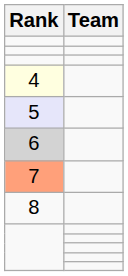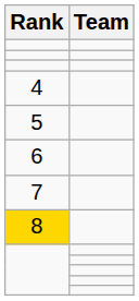 <table class=wikitable style="text-align:center">
 <tr>
 <th>Rank</th>
 <th>Team</th>
 </tr>
 <tr>
 <td></td>
 <td align=left></td>
 </tr>
 <tr>
 <td></td>
 <td align=left></td>
 </tr>
 <tr>
 <td></td>
 <td align=left></td>
 </tr>
 <tr>
-<td style="background: lightyellow;">4</td>
+<td>4</td>
 <td align=left></td>
 </tr>
 <tr>
-<td style="background: lavender;">5</td>
+<td>5</td>
 <td align=left></td>
 </tr>
 <tr>
-<td style="background: lightgrey;">6</td>
+<td>6</td>
 <td align=left></td>
 </tr>
 <tr>
-<td style="background: lightsalmon;">7</td>
+<td>7</td>
 <td align=left></td>
 </tr>
 <tr>
-<td>8</td>
+<td style="background: gold;">8</td>
 <td align=left></td>
 </tr>
 <tr>
 <td rowspan=5></td>
 <td align=left></td>
 </tr>
 <tr>
 <td align=left></td>
 </tr>
 <tr>
 <td align=left></td>
 </tr>
 <tr>
 <td align=left></td>
 </tr>
 <tr>
 <td align=left></td>
 </tr>
 </table>
